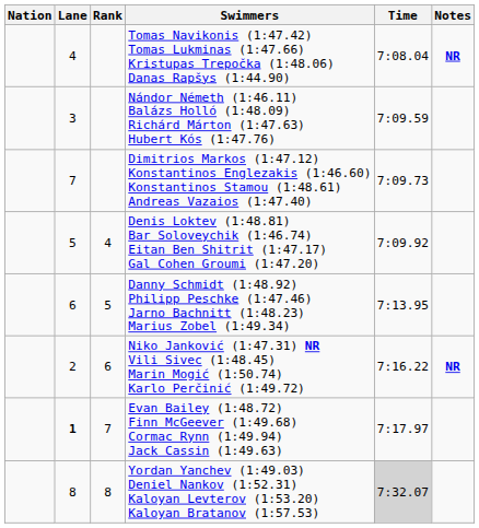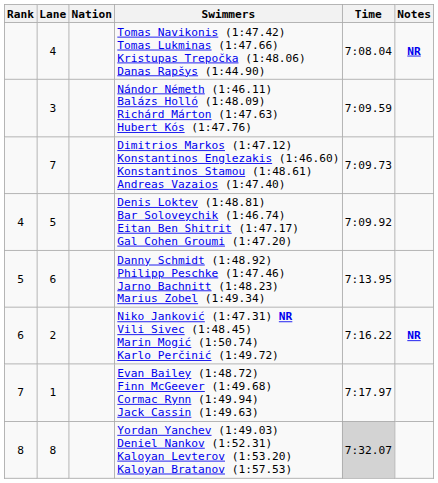 <table class="wikitable sortable" style="text-align:center">
 <tr>
+<th>Rank</th>
+<th>Lane</th>
 <th>Nation</th>
-<th>Lane</th>
-<th>Rank</th>
 <th>Swimmers</th>
 <th>Time</th>
 <th>Notes</th>
 </tr>
 <tr>
+<td></td>
+<td>4</td>
 <td align=left></td>
-<td>4</td>
-<td></td>
 <td align=left><a href='#'>Tomas Navikonis</a> (1:47.42)<br><a href='#'>Tomas Lukminas</a> (1:47.66)<br><a href='#'>Kristupas Trepočka</a> (1:48.06)<br><a href='#'>Danas Rapšys</a> (1:44.90)</td>
 <td>7:08.04</td>
 <td><strong><a href='#'>NR</a></strong></td>
 </tr>
 <tr>
+<td></td>
+<td>3</td>
 <td align=left></td>
-<td>3</td>
-<td></td>
 <td align=left><a href='#'>Nándor Németh</a> (1:46.11)<br><a href='#'>Balázs Holló</a> (1:48.09)<br><a href='#'>Richárd Márton</a> (1:47.63)<br><a href='#'>Hubert Kós</a> (1:47.76)</td>
 <td>7:09.59</td>
 <td></td>
 </tr>
 <tr>
+<td></td>
+<td>7</td>
 <td align=left></td>
-<td>7</td>
-<td></td>
 <td align=left><a href='#'>Dimitrios Markos</a> (1:47.12)<br><a href='#'>Konstantinos Englezakis</a> (1:46.60)<br><a href='#'>Konstantinos Stamou</a> (1:48.61)<br><a href='#'>Andreas Vazaios</a> (1:47.40)</td>
 <td>7:09.73</td>
 <td></td>
 </tr>
 <tr>
+<td>4</td>
+<td>5</td>
 <td align=left></td>
-<td>5</td>
-<td>4</td>
 <td align=left><a href='#'>Denis Loktev</a> (1:48.81)<br><a href='#'>Bar Soloveychik</a> (1:46.74)<br><a href='#'>Eitan Ben Shitrit</a> (1:47.17)<br><a href='#'>Gal Cohen Groumi</a> (1:47.20)</td>
 <td>7:09.92</td>
 <td></td>
 </tr>
 <tr>
+<td>5</td>
+<td>6</td>
 <td align=left></td>
-<td>6</td>
-<td>5</td>
 <td align=left><a href='#'>Danny Schmidt</a> (1:48.92)<br><a href='#'>Philipp Peschke</a> (1:47.46)<br><a href='#'>Jarno Bachnitt</a> (1:48.23)<br><a href='#'>Marius Zobel</a> (1:49.34)</td>
 <td>7:13.95</td>
 <td></td>
 </tr>
 <tr>
+<td>6</td>
+<td>2</td>
 <td align=left></td>
-<td>2</td>
-<td>6</td>
 <td align=left><a href='#'>Niko Janković</a> (1:47.31) <strong><a href='#'>NR</a></strong><br><a href='#'>Vili Sivec</a> (1:48.45)<br><a href='#'>Marin Mogić</a> (1:50.74)<br><a href='#'>Karlo Perčinić</a> (1:49.72)</td>
 <td>7:16.22</td>
 <td><strong><a href='#'>NR</a></strong></td>
 </tr>
 <tr>
+<td>7</td>
+<td>1</td>
 <td align=left></td>
-<td><strong>1</strong></td>
-<td>7</td>
 <td align=left><a href='#'>Evan Bailey</a> (1:48.72)<br><a href='#'>Finn McGeever</a> (1:49.68)<br><a href='#'>Cormac Rynn</a> (1:49.94)<br><a href='#'>Jack Cassin</a> (1:49.63)</td>
 <td>7:17.97</td>
 <td></td>
 </tr>
 <tr>
-<td align=left></td>
 <td>8</td>
 <td>8</td>
+<td align=left></td>
 <td align=left><a href='#'>Yordan Yanchev</a> (1:49.03)<br><a href='#'>Deniel Nankov</a> (1:52.31)<br><a href='#'>Kaloyan Levterov</a> (1:53.20)<br><a href='#'>Kaloyan Bratanov</a> (1:57.53)</td>
 <td style="background: lightgrey;">7:32.07</td>
 <td></td>
 </tr>
 </table>
